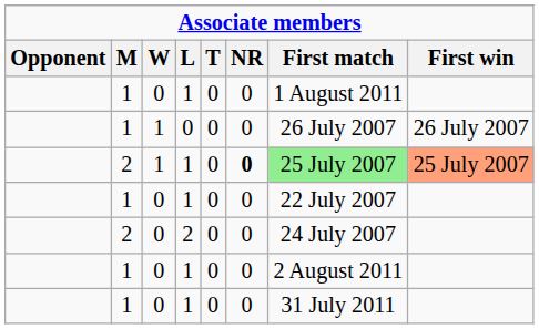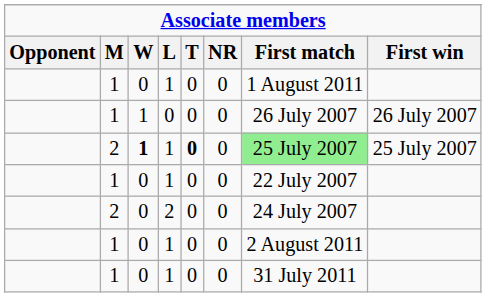 <table class="wikitable" style="text-align: center;">
 <tr>
 </tr>
 <tr>
 <td colspan="30" style="text-align: center;"><strong><a href='#'>Associate members</a></strong></td>
 </tr>
 <tr>
 <th>Opponent</th>
 <th>M</th>
 <th>W</th>
 <th>L</th>
 <th>T</th>
 <th>NR</th>
 <th>First match</th>
 <th>First win</th>
 </tr>
 <tr>
 <td></td>
 <td>1</td>
 <td>0</td>
 <td>1</td>
 <td>0</td>
 <td>0</td>
 <td>1 August 2011</td>
 <td></td>
 </tr>
 <tr>
 <td></td>
 <td>1</td>
 <td>1</td>
 <td>0</td>
 <td>0</td>
 <td>0</td>
 <td>26 July 2007</td>
 <td>26 July 2007</td>
 </tr>
 <tr>
 <td></td>
 <td>2</td>
+<td><strong>1</strong></td>
 <td>1</td>
-<td>1</td>
+<td><strong>0</strong></td>
 <td>0</td>
-<td><strong>0</strong></td>
 <td style="background: lightgreen;">25 July 2007</td>
-<td style="background: lightsalmon;">25 July 2007</td>
+<td>25 July 2007</td>
 </tr>
 <tr>
 <td></td>
 <td>1</td>
 <td>0</td>
 <td>1</td>
 <td>0</td>
 <td>0</td>
 <td>22 July 2007</td>
 <td></td>
 </tr>
 <tr>
 <td></td>
 <td>2</td>
 <td>0</td>
 <td>2</td>
 <td>0</td>
 <td>0</td>
 <td>24 July 2007</td>
 <td></td>
 </tr>
 <tr>
 <td></td>
 <td>1</td>
 <td>0</td>
 <td>1</td>
 <td>0</td>
 <td>0</td>
 <td>2 August 2011</td>
 <td></td>
 </tr>
 <tr>
 <td></td>
 <td>1</td>
 <td>0</td>
 <td>1</td>
 <td>0</td>
 <td>0</td>
 <td>31 July 2011</td>
 <td></td>
 </tr>
 </table>
